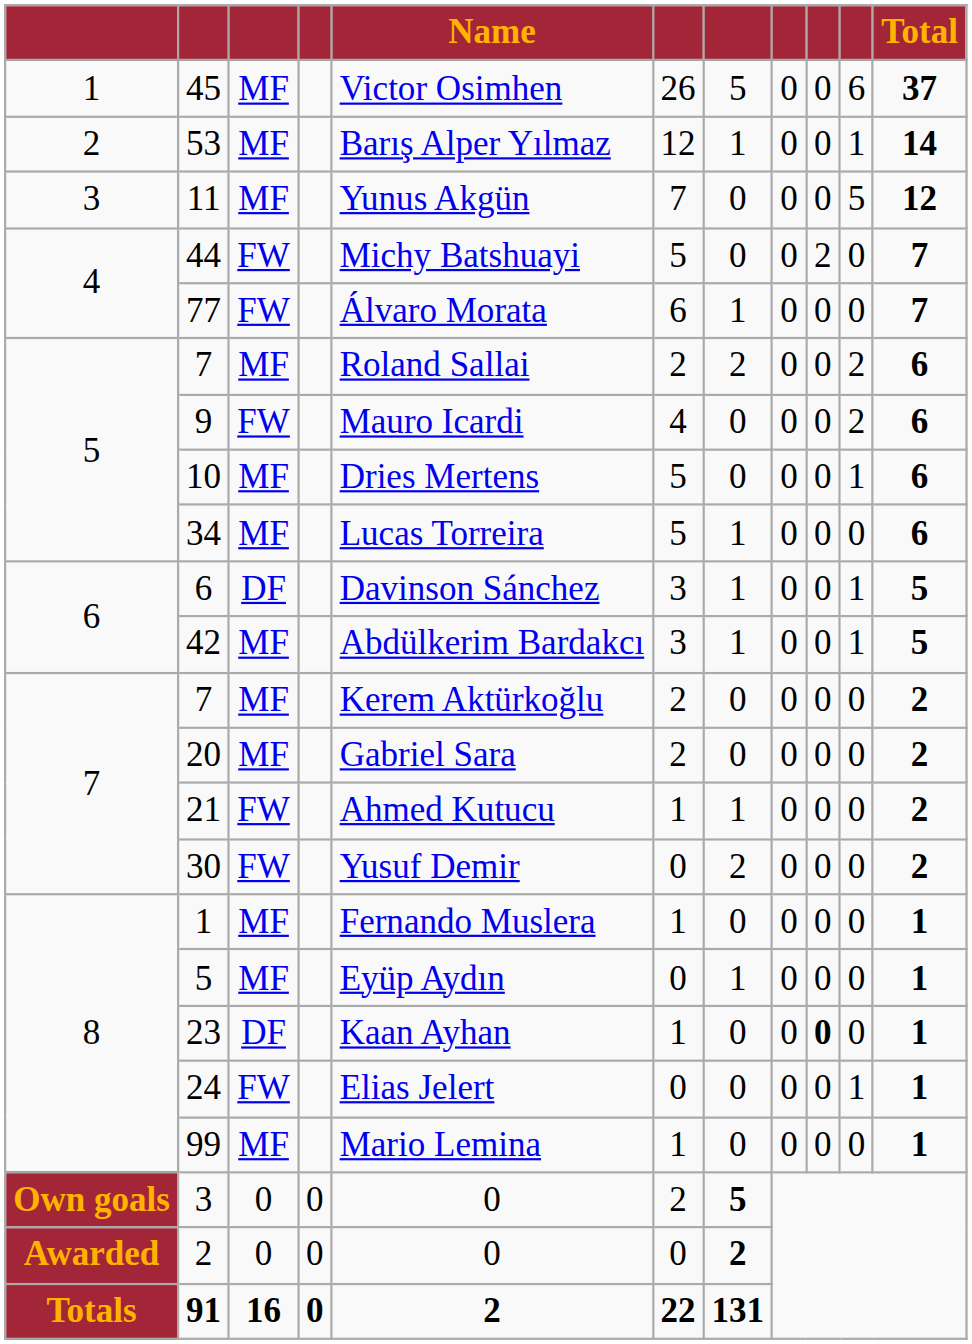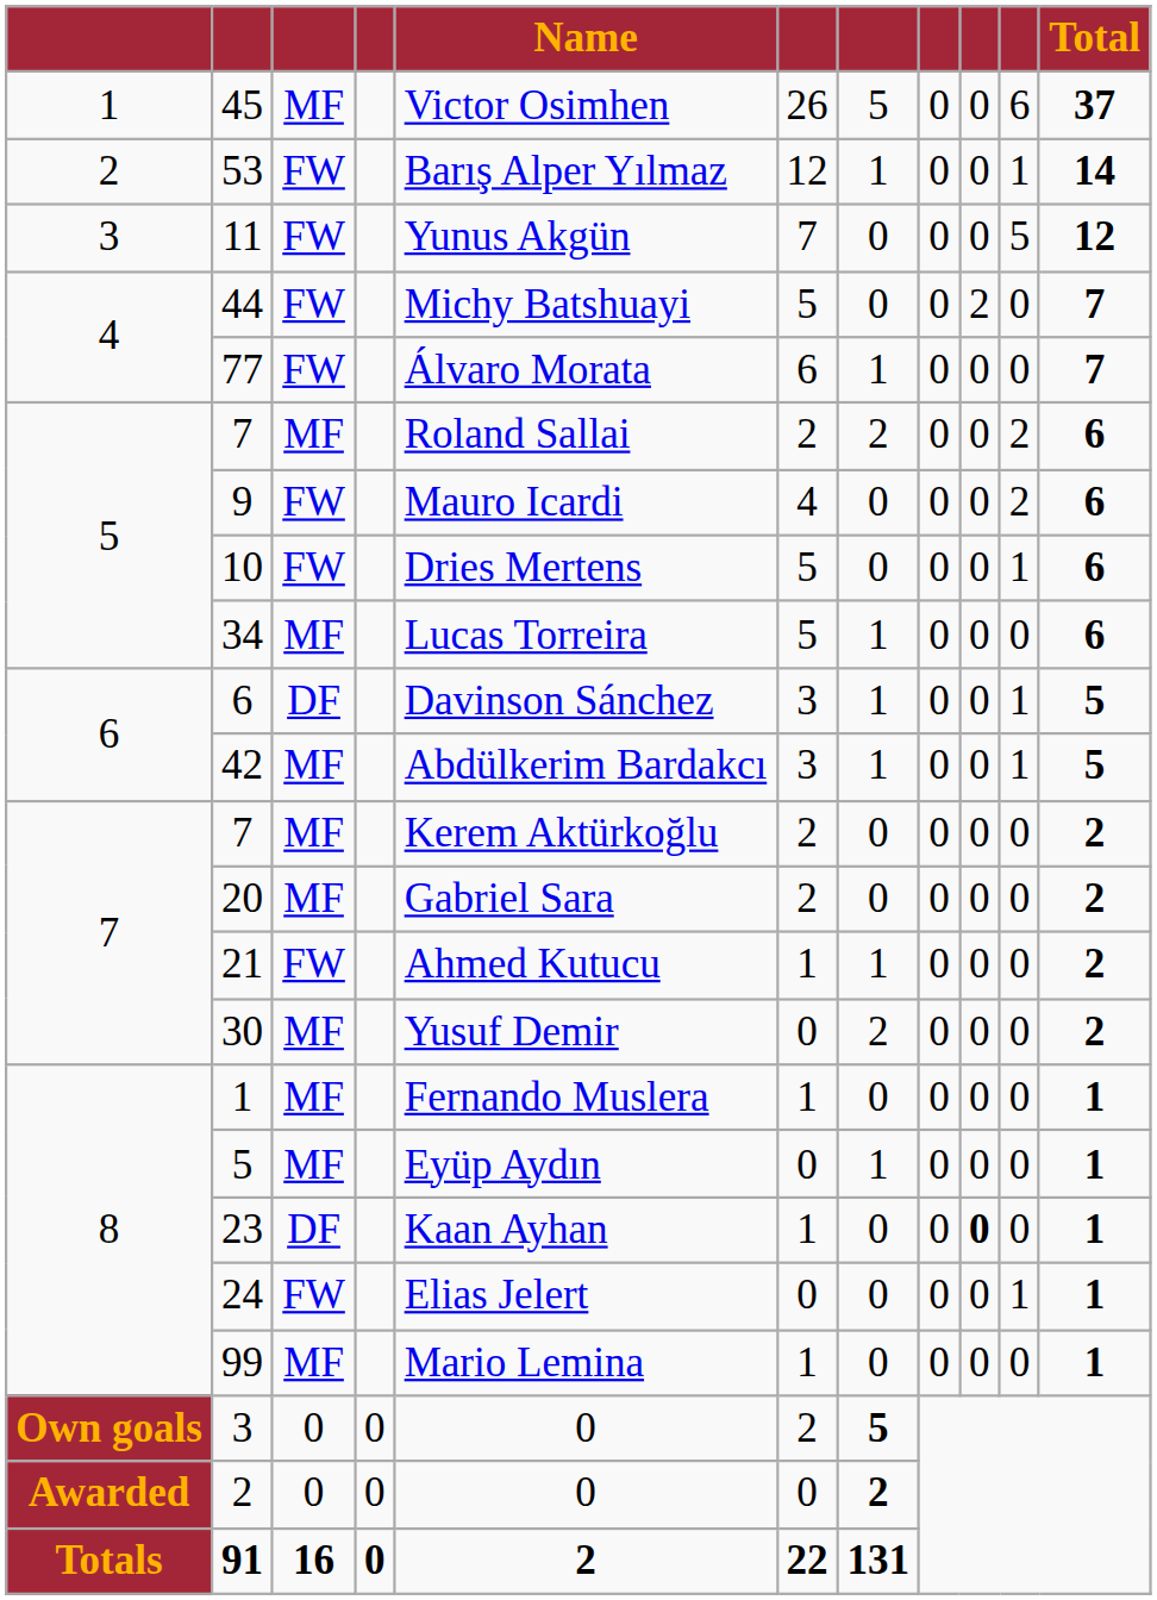 <table class="wikitable" style="text-align:center">
 <tr>
 <th style="background:#A32638; color:#FFB300; "></th>
 <th style="background:#A32638; color:#FFB300; "></th>
 <th style="background:#A32638; color:#FFB300; "></th>
 <th style="background:#A32638; color:#FFB300; "></th>
 <th style="background:#A32638; color:#FFB300; ">Name</th>
 <th style="background:#A32638; color:#FFB300; "></th>
 <th style="background:#A32638; color:#FFB300; "></th>
 <th style="background:#A32638; color:#FFB300; "></th>
 <th style="background:#A32638; color:#FFB300; "></th>
 <th style="background:#A32638; color:#FFB300; "></th>
 <th style="background:#A32638; color:#FFB300; ">Total</th>
 </tr>
 <tr>
 <td rowspan="1">1</td>
 <td>45</td>
 <td><a href='#'>MF</a></td>
 <td></td>
 <td align=left><a href='#'>Victor Osimhen</a></td>
 <td>26</td>
 <td>5</td>
 <td>0</td>
 <td>0</td>
 <td>6</td>
 <td><strong>37</strong></td>
 </tr>
 <tr>
 <td rowspan="1">2</td>
 <td>53</td>
-<td><a href='#'>MF</a></td>
+<td><a href='#'>FW</a></td>
 <td></td>
 <td align=left><a href='#'>Barış Alper Yılmaz</a></td>
 <td>12</td>
 <td>1</td>
 <td>0</td>
 <td>0</td>
 <td>1</td>
 <td><strong>14</strong></td>
 </tr>
 <tr>
 <td rowspan="1">3</td>
 <td>11</td>
-<td><a href='#'>MF</a></td>
+<td><a href='#'>FW</a></td>
 <td></td>
 <td align=left><a href='#'>Yunus Akgün</a></td>
 <td>7</td>
 <td>0</td>
 <td>0</td>
 <td>0</td>
 <td>5</td>
 <td><strong>12</strong></td>
 </tr>
 <tr>
 <td rowspan="2">4</td>
 <td>44</td>
 <td><a href='#'>FW</a></td>
 <td></td>
 <td align=left><a href='#'>Michy Batshuayi</a></td>
 <td>5</td>
 <td>0</td>
 <td>0</td>
 <td>2</td>
 <td>0</td>
 <td><strong>7</strong></td>
 </tr>
 <tr>
 <td>77</td>
 <td><a href='#'>FW</a></td>
 <td></td>
 <td align=left><a href='#'>Álvaro Morata</a></td>
 <td>6</td>
 <td>1</td>
 <td>0</td>
 <td>0</td>
 <td>0</td>
 <td><strong>7</strong></td>
 </tr>
 <tr>
 <td rowspan="4">5</td>
 <td>7</td>
 <td><a href='#'>MF</a></td>
 <td></td>
 <td align=left><a href='#'>Roland Sallai</a></td>
 <td>2</td>
 <td>2</td>
 <td>0</td>
 <td>0</td>
 <td>2</td>
 <td><strong>6</strong></td>
 </tr>
 <tr>
 <td>9</td>
 <td><a href='#'>FW</a></td>
 <td></td>
 <td align=left><a href='#'>Mauro Icardi</a></td>
 <td>4</td>
 <td>0</td>
 <td>0</td>
 <td>0</td>
 <td>2</td>
 <td><strong>6</strong></td>
 </tr>
 <tr>
 <td>10</td>
-<td><a href='#'>MF</a></td>
+<td><a href='#'>FW</a></td>
 <td></td>
 <td align=left><a href='#'>Dries Mertens</a></td>
 <td>5</td>
 <td>0</td>
 <td>0</td>
 <td>0</td>
 <td>1</td>
 <td><strong>6</strong></td>
 </tr>
 <tr>
 <td>34</td>
 <td><a href='#'>MF</a></td>
 <td></td>
 <td align=left><a href='#'>Lucas Torreira</a></td>
 <td>5</td>
 <td>1</td>
 <td>0</td>
 <td>0</td>
 <td>0</td>
 <td><strong>6</strong></td>
 </tr>
 <tr>
 <td rowspan="2">6</td>
 <td>6</td>
 <td><a href='#'>DF</a></td>
 <td></td>
 <td align=left><a href='#'>Davinson Sánchez</a></td>
 <td>3</td>
 <td>1</td>
 <td>0</td>
 <td>0</td>
 <td>1</td>
 <td><strong>5</strong></td>
 </tr>
 <tr>
 <td>42</td>
 <td><a href='#'>MF</a></td>
 <td></td>
 <td align=left><a href='#'>Abdülkerim Bardakcı</a></td>
 <td>3</td>
 <td>1</td>
 <td>0</td>
 <td>0</td>
 <td>1</td>
 <td><strong>5</strong></td>
 </tr>
 <tr>
 <td rowspan="4">7</td>
 <td>7</td>
 <td><a href='#'>MF</a></td>
 <td></td>
 <td align=left><a href='#'>Kerem Aktürkoğlu</a></td>
 <td>2</td>
 <td>0</td>
 <td>0</td>
 <td>0</td>
 <td>0</td>
 <td><strong>2</strong></td>
 </tr>
 <tr>
 <td>20</td>
 <td><a href='#'>MF</a></td>
 <td></td>
 <td align=left><a href='#'>Gabriel Sara</a></td>
 <td>2</td>
 <td>0</td>
 <td>0</td>
 <td>0</td>
 <td>0</td>
 <td><strong>2</strong></td>
 </tr>
 <tr>
 <td>21</td>
 <td><a href='#'>FW</a></td>
 <td></td>
 <td align=left><a href='#'>Ahmed Kutucu</a></td>
 <td>1</td>
 <td>1</td>
 <td>0</td>
 <td>0</td>
 <td>0</td>
 <td><strong>2</strong></td>
 </tr>
 <tr>
 <td>30</td>
-<td><a href='#'>FW</a></td>
+<td><a href='#'>MF</a></td>
 <td></td>
 <td align=left><a href='#'>Yusuf Demir</a></td>
 <td>0</td>
 <td>2</td>
 <td>0</td>
 <td>0</td>
 <td>0</td>
 <td><strong>2</strong></td>
 </tr>
 <tr>
 <td rowspan="5">8</td>
 <td>1</td>
 <td><a href='#'>MF</a></td>
 <td></td>
 <td align=left><a href='#'>Fernando Muslera</a></td>
 <td>1</td>
 <td>0</td>
 <td>0</td>
 <td>0</td>
 <td>0</td>
 <td><strong>1</strong></td>
 </tr>
 <tr>
 <td>5</td>
 <td><a href='#'>MF</a></td>
 <td></td>
 <td align=left><a href='#'>Eyüp Aydın</a></td>
 <td>0</td>
 <td>1</td>
 <td>0</td>
 <td>0</td>
 <td>0</td>
 <td><strong>1</strong></td>
 </tr>
 <tr>
 <td>23</td>
 <td><a href='#'>DF</a></td>
 <td></td>
 <td align=left><a href='#'>Kaan Ayhan</a></td>
 <td>1</td>
 <td>0</td>
 <td>0</td>
 <td><strong>0</strong></td>
 <td>0</td>
 <td><strong>1</strong></td>
 </tr>
 <tr>
 <td>24</td>
 <td><a href='#'>FW</a></td>
 <td></td>
 <td align=left><a href='#'>Elias Jelert</a></td>
 <td>0</td>
 <td>0</td>
 <td>0</td>
 <td>0</td>
 <td>1</td>
 <td><strong>1</strong></td>
 </tr>
 <tr>
 <td>99</td>
 <td><a href='#'>MF</a></td>
 <td></td>
 <td align=left><a href='#'>Mario Lemina</a></td>
 <td>1</td>
 <td>0</td>
 <td>0</td>
 <td>0</td>
 <td>0</td>
 <td><strong>1</strong></td>
 </tr>
 <tr>
 <td style="background:#A32638; color:#FFB300; "><strong>Own goals</strong></td>
 <td>3</td>
 <td>0</td>
 <td>0</td>
 <td>0</td>
 <td>2</td>
 <td><strong>5</strong></td>
 </tr>
 <tr>
 <td style="background:#A32638; color:#FFB300; "><strong>Awarded</strong></td>
 <td>2</td>
 <td>0</td>
 <td>0</td>
 <td>0</td>
 <td>0</td>
 <td><strong>2</strong></td>
 </tr>
 <tr>
 <td style="background:#A32638; color:#FFB300; "><strong>Totals</strong></td>
 <td><strong>91</strong></td>
 <td><strong>16</strong></td>
 <td><strong>0</strong></td>
 <td><strong>2</strong></td>
 <td><strong>22</strong></td>
 <td><strong>131</strong></td>
 </tr>
 </table>
